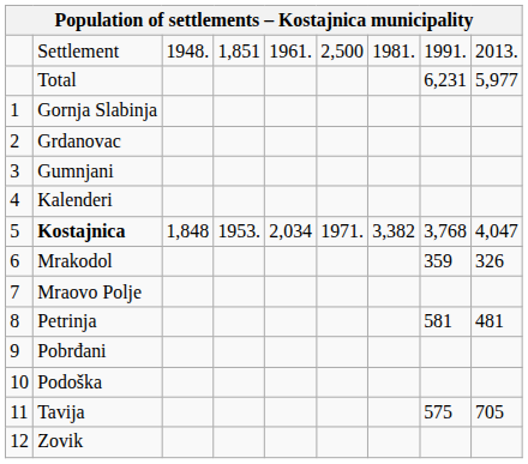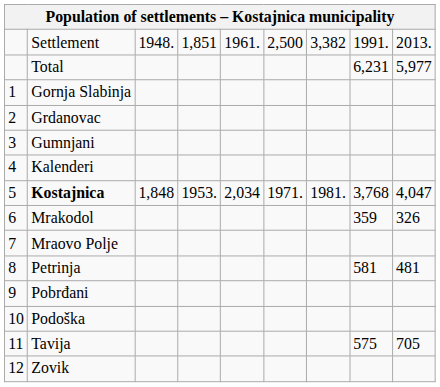 <table class="wikitable">
 <tr>
 <th colspan="9">Population of settlements – Kostajnica municipality</th>
 </tr>
 <tr>
 <td></td>
 <td>Settlement</td>
 <td>1948.</td>
 <td>1,851</td>
 <td>1961.</td>
 <td>2,500</td>
-<td>1981.</td>
+<td>3,382</td>
 <td>1991.</td>
 <td>2013.</td>
 </tr>
 <tr>
 <td></td>
 <td>Total</td>
 <td></td>
 <td></td>
 <td></td>
 <td></td>
 <td></td>
 <td>6,231</td>
 <td>5,977</td>
 </tr>
 <tr>
 <td>1</td>
 <td>Gornja Slabinja</td>
 <td></td>
 <td></td>
 <td></td>
 <td></td>
 <td></td>
 <td></td>
 <td></td>
 </tr>
 <tr>
 <td>2</td>
 <td>Grdanovac</td>
 <td></td>
 <td></td>
 <td></td>
 <td></td>
 <td></td>
 <td></td>
 <td></td>
 </tr>
 <tr>
 <td>3</td>
 <td>Gumnjani</td>
 <td></td>
 <td></td>
 <td></td>
 <td></td>
 <td></td>
 <td></td>
 <td></td>
 </tr>
 <tr>
 <td>4</td>
 <td>Kalenderi</td>
 <td></td>
 <td></td>
 <td></td>
 <td></td>
 <td></td>
 <td></td>
 <td></td>
 </tr>
 <tr>
 <td>5</td>
 <td><strong>Kostajnica</strong></td>
 <td>1,848</td>
 <td>1953.</td>
 <td>2,034</td>
 <td>1971.</td>
-<td>3,382</td>
+<td>1981.</td>
 <td>3,768</td>
 <td>4,047</td>
 </tr>
 <tr>
 <td>6</td>
 <td>Mrakodol</td>
 <td></td>
 <td></td>
 <td></td>
 <td></td>
 <td></td>
 <td>359</td>
 <td>326</td>
 </tr>
 <tr>
 <td>7</td>
 <td>Mraovo Polje</td>
 <td></td>
 <td></td>
 <td></td>
 <td></td>
 <td></td>
 <td></td>
 <td></td>
 </tr>
 <tr>
 <td>8</td>
 <td>Petrinja</td>
 <td></td>
 <td></td>
 <td></td>
 <td></td>
 <td></td>
 <td>581</td>
 <td>481</td>
 </tr>
 <tr>
 <td>9</td>
 <td>Pobrđani</td>
 <td></td>
 <td></td>
 <td></td>
 <td></td>
 <td></td>
 <td></td>
 <td></td>
 </tr>
 <tr>
 <td>10</td>
 <td>Podoška</td>
 <td></td>
 <td></td>
 <td></td>
 <td></td>
 <td></td>
 <td></td>
 <td></td>
 </tr>
 <tr>
 <td>11</td>
 <td>Tavija</td>
 <td></td>
 <td></td>
 <td></td>
 <td></td>
 <td></td>
 <td>575</td>
 <td>705</td>
 </tr>
 <tr>
 <td>12</td>
 <td>Zovik</td>
 <td></td>
 <td></td>
 <td></td>
 <td></td>
 <td></td>
 <td></td>
 <td></td>
 </tr>
 </table>
